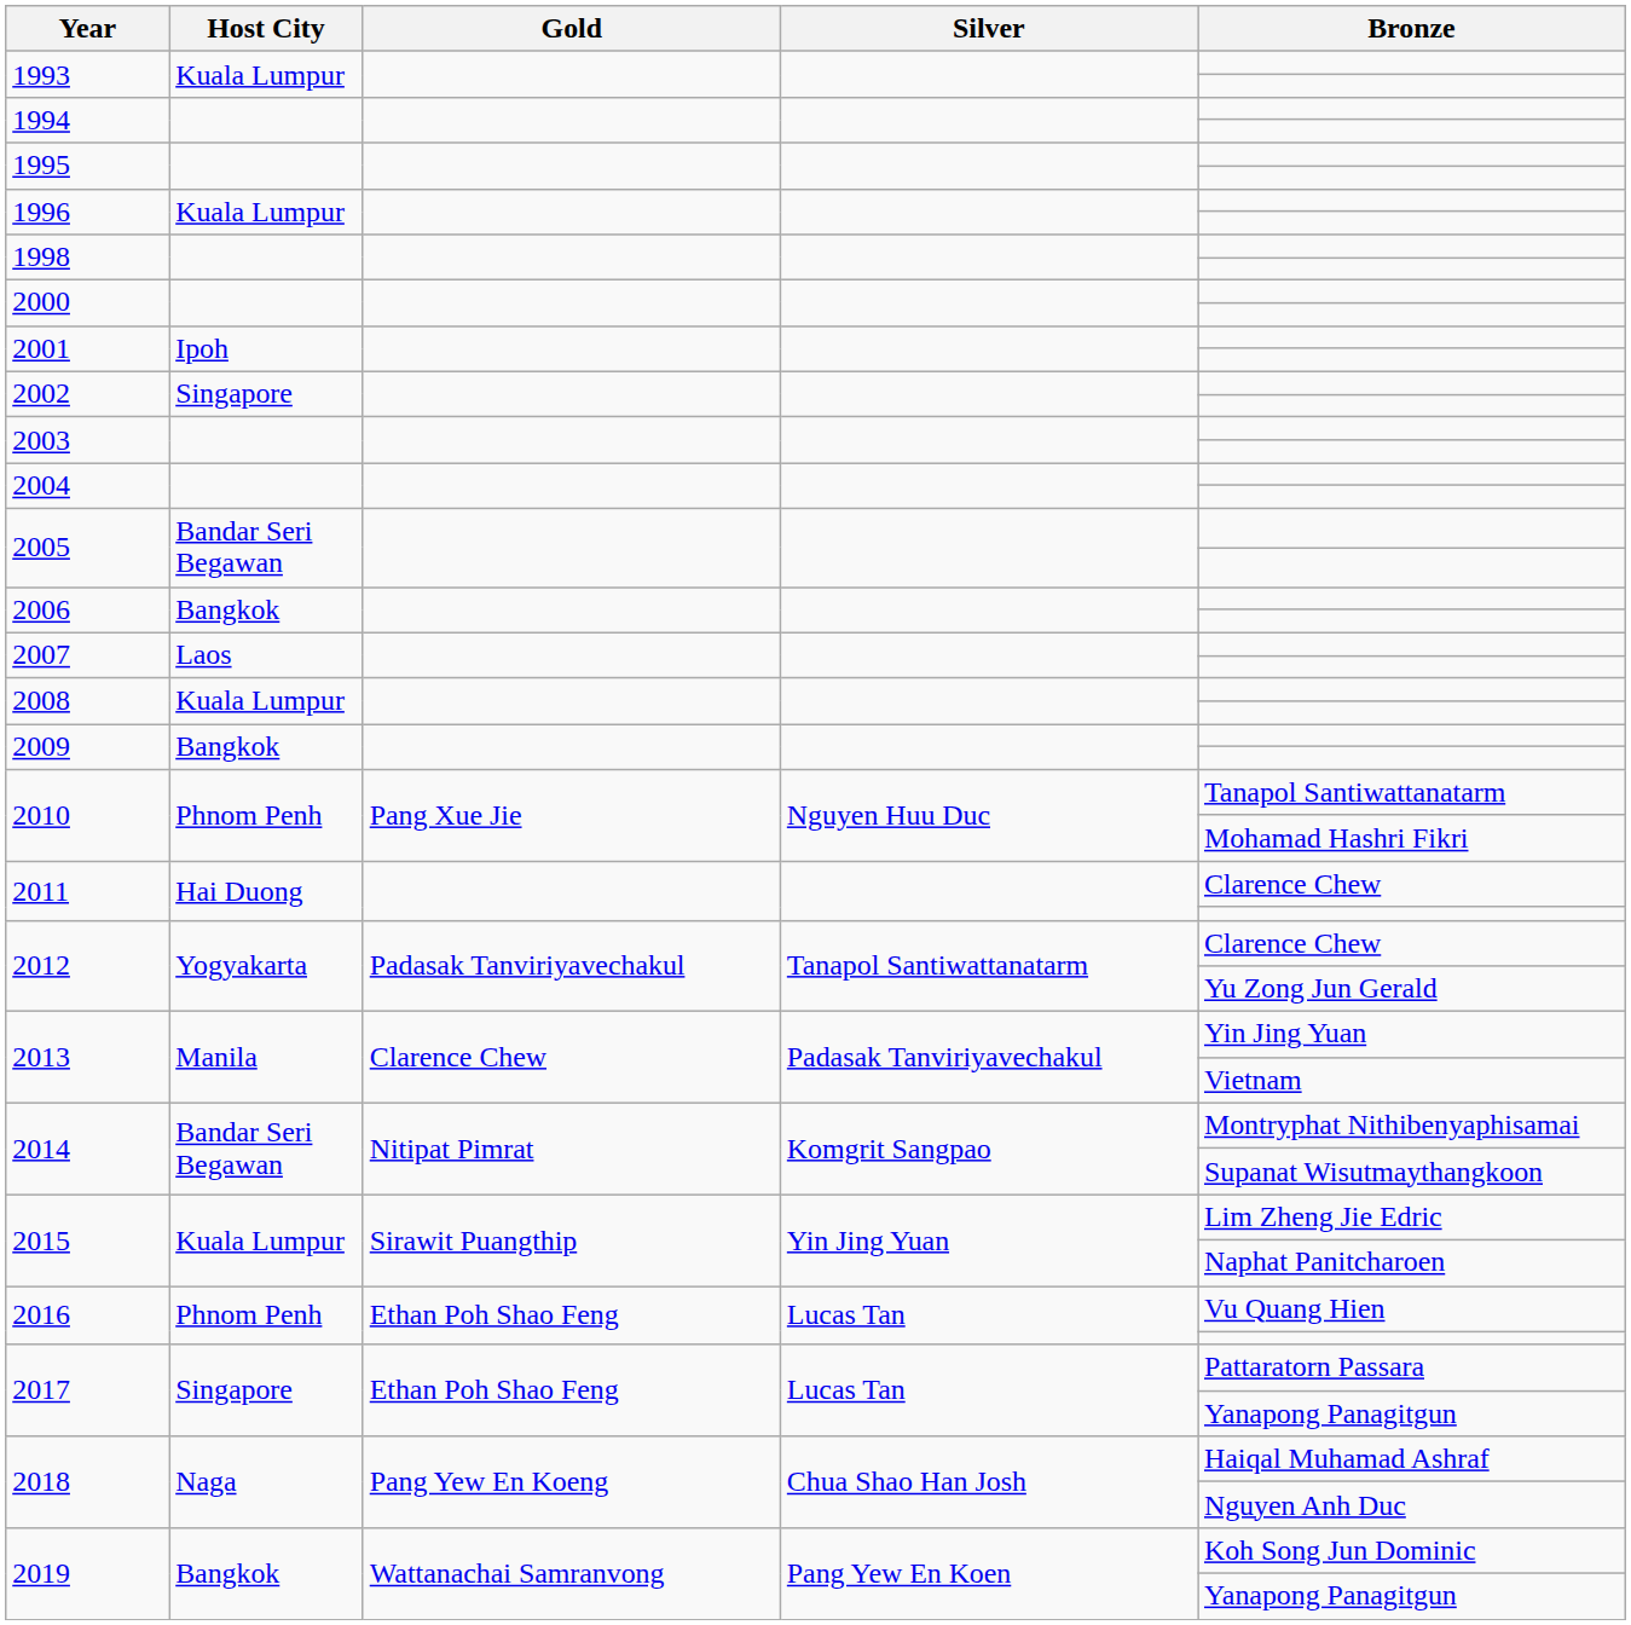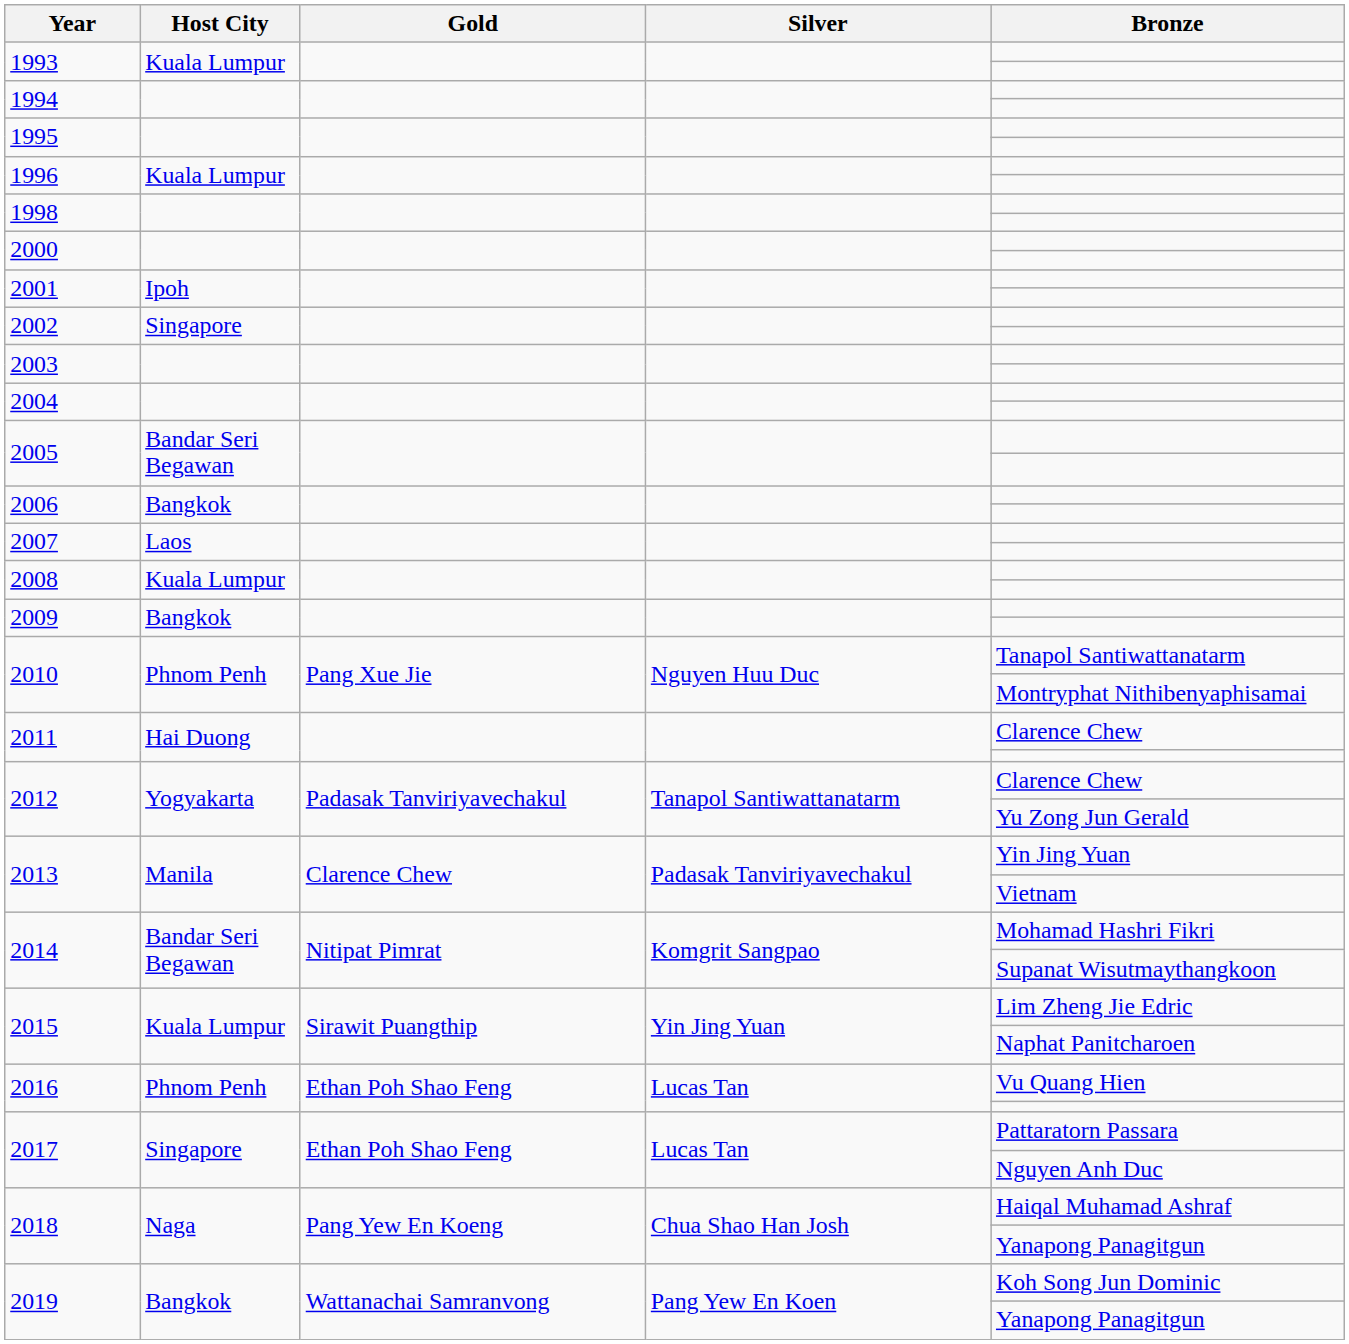 <table class="wikitable sortable" style="width:900px;">
 <tr>
 <th width="120">Year</th>
 <th width="120">Host City</th>
 <th width="300">Gold</th>
 <th width="300">Silver</th>
 <th width="300">Bronze</th>
 </tr>
 <tr>
 <td rowspan=2><a href='#'>1993</a></td>
 <td rowspan=2><a href='#'>Kuala Lumpur</a></td>
 <td rowspan=2></td>
 <td rowspan=2></td>
 <td></td>
 </tr>
 <tr>
 <td></td>
 </tr>
 <tr>
 <td rowspan=2><a href='#'>1994</a></td>
 <td rowspan=2></td>
 <td rowspan=2></td>
 <td rowspan=2></td>
 <td></td>
 </tr>
 <tr>
 <td></td>
 </tr>
 <tr>
 <td rowspan=2><a href='#'>1995</a></td>
 <td rowspan=2></td>
 <td rowspan=2></td>
 <td rowspan=2></td>
 <td></td>
 </tr>
 <tr>
 <td></td>
 </tr>
 <tr>
 <td rowspan=2><a href='#'>1996</a></td>
 <td rowspan=2><a href='#'>Kuala Lumpur</a></td>
 <td rowspan=2></td>
 <td rowspan=2></td>
 <td></td>
 </tr>
 <tr>
 <td></td>
 </tr>
 <tr>
 <td rowspan=2><a href='#'>1998</a></td>
 <td rowspan=2></td>
 <td rowspan=2></td>
 <td rowspan=2></td>
 <td></td>
 </tr>
 <tr>
 <td></td>
 </tr>
 <tr>
 <td rowspan=2><a href='#'>2000</a></td>
 <td rowspan=2></td>
 <td rowspan=2></td>
 <td rowspan=2></td>
 <td></td>
 </tr>
 <tr>
 <td></td>
 </tr>
 <tr>
 <td rowspan=2><a href='#'>2001</a></td>
 <td rowspan=2><a href='#'>Ipoh</a></td>
 <td rowspan=2></td>
 <td rowspan=2></td>
 <td></td>
 </tr>
 <tr>
 <td></td>
 </tr>
 <tr>
 <td rowspan=2><a href='#'>2002</a></td>
 <td rowspan=2><a href='#'>Singapore</a></td>
 <td rowspan=2></td>
 <td rowspan=2></td>
 <td></td>
 </tr>
 <tr>
 <td></td>
 </tr>
 <tr>
 <td rowspan=2><a href='#'>2003</a></td>
 <td rowspan=2></td>
 <td rowspan=2></td>
 <td rowspan=2></td>
 <td></td>
 </tr>
 <tr>
 <td></td>
 </tr>
 <tr>
 <td rowspan=2><a href='#'>2004</a></td>
 <td rowspan=2></td>
 <td rowspan=2></td>
 <td rowspan=2></td>
 <td></td>
 </tr>
 <tr>
 <td></td>
 </tr>
 <tr>
 <td rowspan=2><a href='#'>2005</a></td>
 <td rowspan=2><a href='#'>Bandar Seri Begawan</a></td>
 <td rowspan=2></td>
 <td rowspan=2></td>
 <td></td>
 </tr>
 <tr>
 <td></td>
 </tr>
 <tr>
 <td rowspan=2><a href='#'>2006</a></td>
 <td rowspan=2><a href='#'>Bangkok</a></td>
 <td rowspan=2></td>
 <td rowspan=2></td>
 <td></td>
 </tr>
 <tr>
 <td></td>
 </tr>
 <tr>
 <td rowspan=2><a href='#'>2007</a></td>
 <td rowspan=2><a href='#'>Laos</a></td>
 <td rowspan=2></td>
 <td rowspan=2></td>
 <td></td>
 </tr>
 <tr>
 <td></td>
 </tr>
 <tr>
 <td rowspan=2><a href='#'>2008</a></td>
 <td rowspan=2><a href='#'>Kuala Lumpur</a></td>
 <td rowspan=2></td>
 <td rowspan=2></td>
 <td></td>
 </tr>
 <tr>
 <td></td>
 </tr>
 <tr>
 <td rowspan=2><a href='#'>2009</a></td>
 <td rowspan=2><a href='#'>Bangkok</a></td>
 <td rowspan=2></td>
 <td rowspan=2></td>
 <td></td>
 </tr>
 <tr>
 <td></td>
 </tr>
 <tr>
 <td rowspan=2><a href='#'>2010</a></td>
 <td rowspan=2><a href='#'>Phnom Penh</a></td>
 <td rowspan=2> <a href='#'>Pang Xue Jie</a></td>
 <td rowspan=2> <a href='#'>Nguyen Huu Duc</a></td>
 <td> <a href='#'>Tanapol Santiwattanatarm</a></td>
 </tr>
 <tr>
-<td> <a href='#'>Mohamad Hashri Fikri</a></td>
+<td> <a href='#'>Montryphat Nithibenyaphisamai</a></td>
 </tr>
 <tr>
 <td rowspan=2><a href='#'>2011</a></td>
 <td rowspan=2><a href='#'>Hai Duong</a></td>
 <td rowspan=2></td>
 <td rowspan=2></td>
 <td> <a href='#'>Clarence Chew</a></td>
 </tr>
 <tr>
 <td></td>
 </tr>
 <tr>
 <td rowspan=2><a href='#'>2012</a></td>
 <td rowspan=2><a href='#'>Yogyakarta</a></td>
 <td rowspan=2> <a href='#'>Padasak Tanviriyavechakul</a></td>
 <td rowspan=2> <a href='#'>Tanapol Santiwattanatarm</a></td>
 <td> <a href='#'>Clarence Chew</a></td>
 </tr>
 <tr>
 <td> <a href='#'>Yu Zong Jun Gerald</a></td>
 </tr>
 <tr>
 <td rowspan=2><a href='#'>2013</a></td>
 <td rowspan=2><a href='#'>Manila</a></td>
 <td rowspan=2> <a href='#'>Clarence Chew</a></td>
 <td rowspan=2> <a href='#'>Padasak Tanviriyavechakul</a></td>
 <td> <a href='#'>Yin Jing Yuan</a></td>
 </tr>
 <tr>
 <td> <a href='#'>Vietnam</a></td>
 </tr>
 <tr>
 <td rowspan=2><a href='#'>2014</a></td>
 <td rowspan=2><a href='#'>Bandar Seri Begawan</a></td>
 <td rowspan=2> <a href='#'>Nitipat Pimrat</a></td>
 <td rowspan=2> <a href='#'>Komgrit Sangpao</a></td>
-<td> <a href='#'>Montryphat Nithibenyaphisamai</a></td>
+<td> <a href='#'>Mohamad Hashri Fikri</a></td>
 </tr>
 <tr>
 <td> <a href='#'>Supanat Wisutmaythangkoon</a></td>
 </tr>
 <tr>
 <td rowspan=2><a href='#'>2015</a></td>
 <td rowspan=2><a href='#'>Kuala Lumpur</a></td>
 <td rowspan=2> <a href='#'>Sirawit Puangthip</a></td>
 <td rowspan=2> <a href='#'>Yin Jing Yuan</a></td>
 <td> <a href='#'>Lim Zheng Jie Edric</a></td>
 </tr>
 <tr>
 <td> <a href='#'>Naphat Panitcharoen</a></td>
 </tr>
 <tr>
 <td rowspan=2><a href='#'>2016</a></td>
 <td rowspan=2><a href='#'>Phnom Penh</a></td>
 <td rowspan=2> <a href='#'>Ethan Poh Shao Feng</a></td>
 <td rowspan=2> <a href='#'>Lucas Tan</a></td>
 <td> <a href='#'>Vu Quang Hien</a></td>
 </tr>
 <tr>
 <td></td>
 </tr>
 <tr>
 <td rowspan=2><a href='#'>2017</a></td>
 <td rowspan=2><a href='#'>Singapore</a></td>
 <td rowspan=2> <a href='#'>Ethan Poh Shao Feng</a></td>
 <td rowspan=2> <a href='#'>Lucas Tan</a></td>
 <td> <a href='#'>Pattaratorn Passara</a></td>
 </tr>
 <tr>
-<td> <a href='#'>Yanapong Panagitgun</a></td>
+<td> <a href='#'>Nguyen Anh Duc</a></td>
 </tr>
 <tr>
 <td rowspan=2><a href='#'>2018</a></td>
 <td rowspan=2><a href='#'>Naga</a></td>
 <td rowspan=2> <a href='#'>Pang Yew En Koeng</a></td>
 <td rowspan=2> <a href='#'>Chua Shao Han Josh</a></td>
 <td><a href='#'>Haiqal Muhamad Ashraf</a></td>
 </tr>
 <tr>
-<td> <a href='#'>Nguyen Anh Duc</a></td>
+<td> <a href='#'>Yanapong Panagitgun</a></td>
 </tr>
 <tr>
 <td rowspan=2><a href='#'>2019</a></td>
 <td rowspan=2><a href='#'>Bangkok</a></td>
 <td rowspan=2> <a href='#'>Wattanachai Samranvong</a></td>
 <td rowspan=2> <a href='#'>Pang Yew En Koen</a></td>
 <td> <a href='#'>Koh Song Jun Dominic</a></td>
 </tr>
 <tr>
 <td> <a href='#'>Yanapong Panagitgun</a></td>
 </tr>
 </table>
